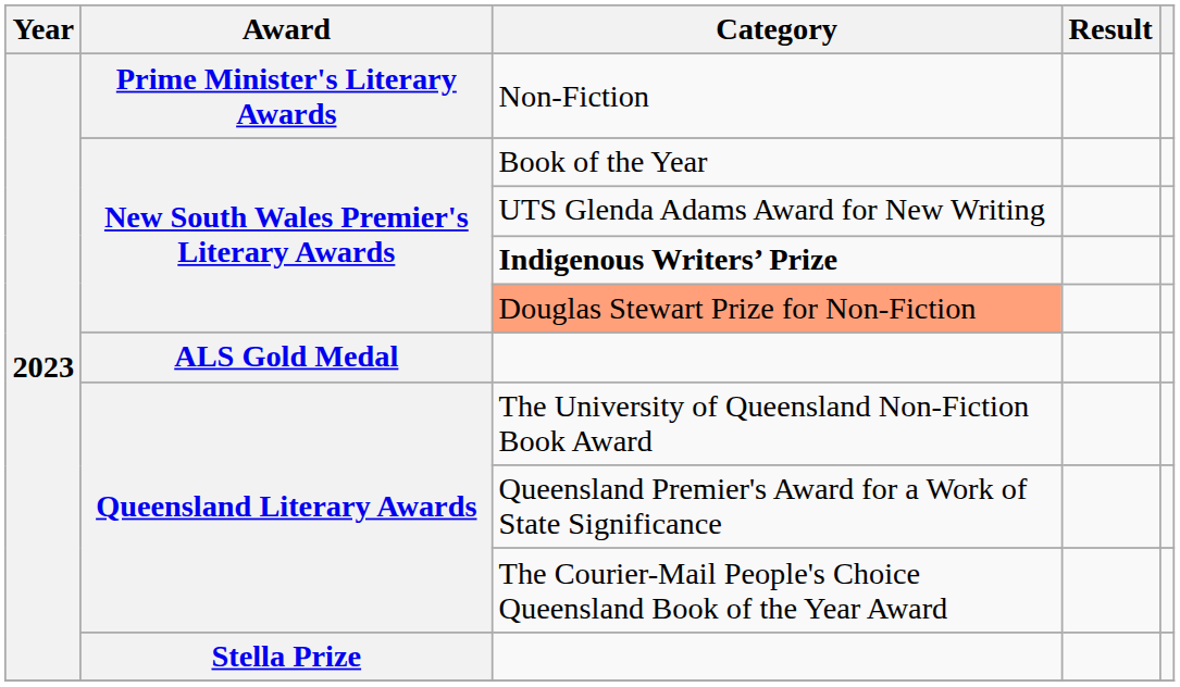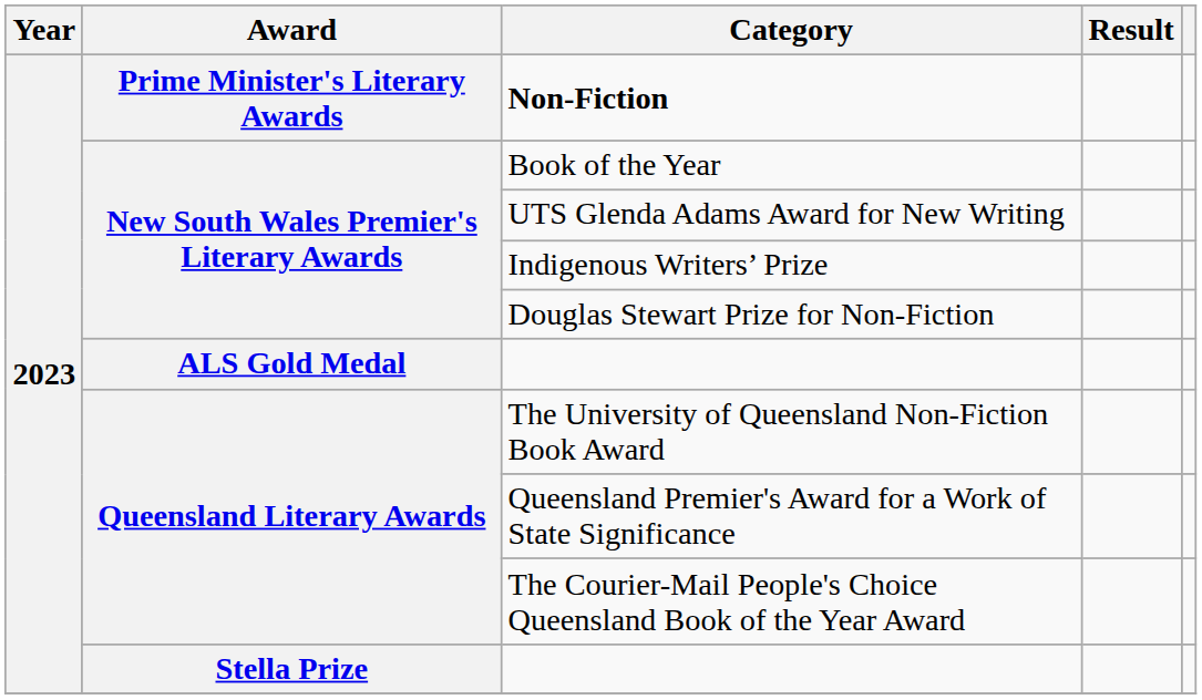 <table class="wikitable sortable">
 <tr>
 <th>Year</th>
 <th>Award</th>
 <th>Category</th>
 <th>Result</th>
 <th></th>
 </tr>
 <tr>
 <th rowspan="10">2023</th>
 <th rowspan = "1"><a href='#'>Prime Minister's Literary Awards</a></th>
-<td>Non-Fiction</td>
+<td><strong>Non-Fiction</strong></td>
 <td></td>
 <td></td>
 </tr>
 <tr>
 <th rowspan = "4"><a href='#'>New South Wales Premier's Literary Awards</a></th>
 <td>Book of the Year</td>
 <td></td>
 <td></td>
 </tr>
 <tr>
 <td>UTS Glenda Adams Award for New Writing</td>
 <td></td>
 <td></td>
 </tr>
 <tr>
-<td><strong>Indigenous Writers’ Prize</strong></td>
+<td>Indigenous Writers’ Prize</td>
 <td></td>
 <td></td>
 </tr>
 <tr>
-<td style="background: lightsalmon;">Douglas Stewart Prize for Non-Fiction</td>
+<td>Douglas Stewart Prize for Non-Fiction</td>
 <td></td>
 <td></td>
 </tr>
 <tr>
 <th rowspan = "1"><a href='#'>ALS Gold Medal</a></th>
 <td></td>
 <td></td>
 <td></td>
 </tr>
 <tr>
 <th rowspan = "3"><a href='#'>Queensland Literary Awards</a></th>
 <td>The University of Queensland Non-Fiction Book Award</td>
 <td></td>
 <td></td>
 </tr>
 <tr>
 <td>Queensland Premier's Award for a Work of State Significance</td>
 <td></td>
 <td></td>
 </tr>
 <tr>
 <td>The Courier-Mail People's Choice Queensland Book of the Year Award</td>
 <td></td>
 <td></td>
 </tr>
 <tr>
 <th rowspan = "1"><a href='#'>Stella Prize</a></th>
 <td></td>
 <td></td>
 <td></td>
 </tr>
 <tr>
 </tr>
 </table>
